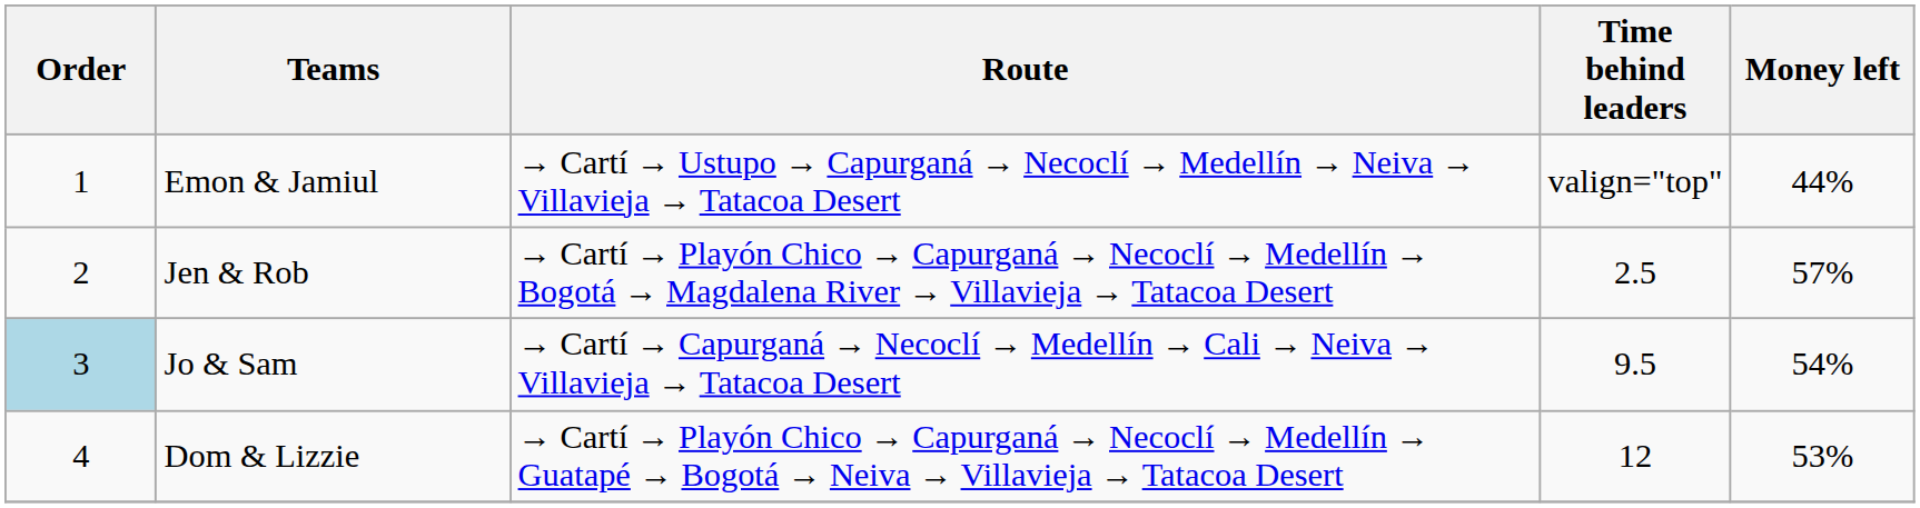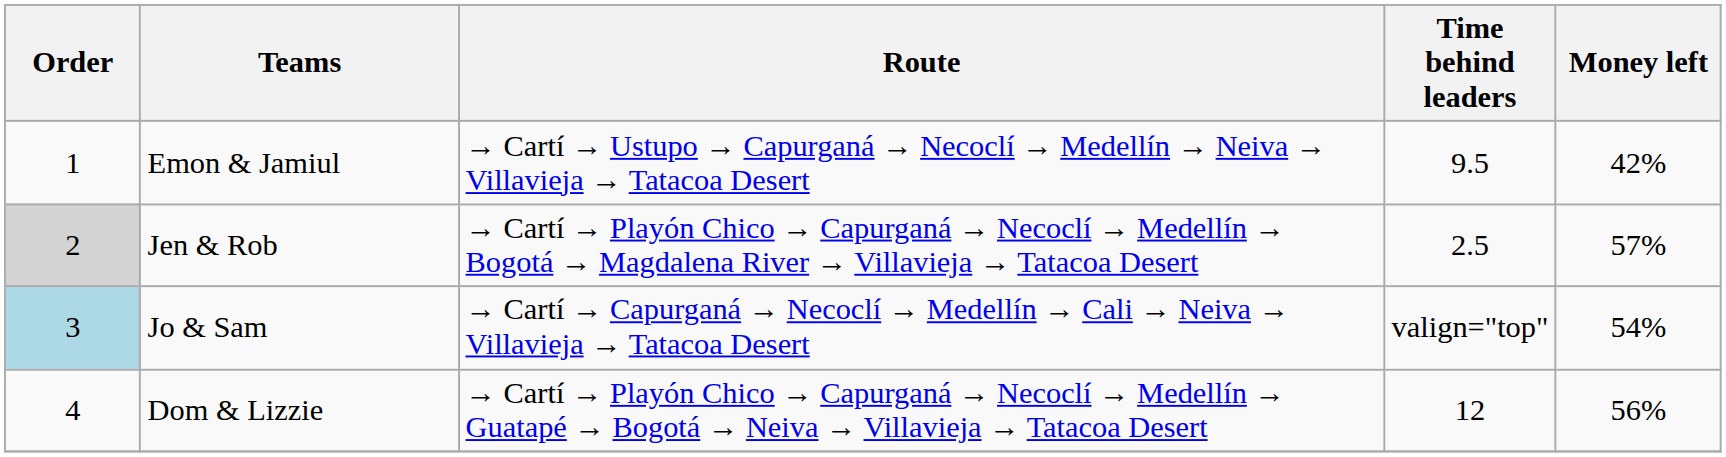 <table class="wikitable sortable" style="text-align:center">
 <tr>
 <th style="width:4em">Order</th>
 <th style="width:10em">Teams</th>
 <th style="width:30em">Route</th>
 <th style="width:5em">Time behind leaders</th>
 <th style="width:5em">Money left</th>
 </tr>
 <tr>
 <td>1</td>
 <td style="text-align:left">Emon & Jamiul</td>
 <td style="text-align:left"> → Cartí  → <a href='#'>Ustupo</a>  → <a href='#'>Capurganá</a>   → <a href='#'>Necoclí</a>  → <a href='#'>Medellín</a>  → <a href='#'>Neiva</a>  → <a href='#'>Villavieja</a>  → <a href='#'>Tatacoa Desert</a></td>
-<td>valign="top" </td>
-<td>44%</td>
+<td>9.5</td>
+<td>42%</td>
 </tr>
 <tr>
-<td>2</td>
+<td style="background: lightgrey;">2</td>
 <td style="text-align:left">Jen & Rob</td>
 <td style="text-align:left"> → Cartí  → <a href='#'>Playón Chico</a>  → <a href='#'>Capurganá</a>  → <a href='#'>Necoclí</a>  → <a href='#'>Medellín</a>  → <a href='#'>Bogotá</a>   → <a href='#'>Magdalena River</a>  → <a href='#'>Villavieja</a>  → <a href='#'>Tatacoa Desert</a></td>
 <td>2.5</td>
 <td>57%</td>
 </tr>
 <tr>
 <td style="background: lightblue;">3</td>
 <td style="text-align:left">Jo & Sam</td>
 <td style="text-align:left"> → Cartí  → <a href='#'>Capurganá</a>  → <a href='#'>Necoclí</a>  → <a href='#'>Medellín</a>   → <a href='#'>Cali</a>  → <a href='#'>Neiva</a>  → <a href='#'>Villavieja</a>  → <a href='#'>Tatacoa Desert</a></td>
-<td>9.5</td>
+<td>valign="top" </td>
 <td>54%</td>
 </tr>
 <tr>
 <td>4</td>
 <td style="text-align:left">Dom & Lizzie</td>
 <td style="text-align:left"> → Cartí  → <a href='#'>Playón Chico</a>  → <a href='#'>Capurganá</a>  → <a href='#'>Necoclí</a>  → <a href='#'>Medellín</a>  → <a href='#'>Guatapé</a>    → <a href='#'>Bogotá</a>  → <a href='#'>Neiva</a>  → <a href='#'>Villavieja</a>  → <a href='#'>Tatacoa Desert</a></td>
 <td>12</td>
-<td>53%</td>
+<td>56%</td>
 </tr>
 <tr>
 </tr>
 </table>
